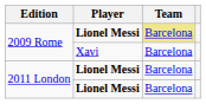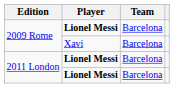 <table class="wikitable plainrowheaders sortable">
 <tr>
 <th scope="col">Edition</th>
 <th scope="col">Player</th>
 <th scope="col">Team</th>
 <th scope="col"></th>
 </tr>
 <tr>
 <td rowspan="2" scope="col"> <a href='#'>2009 Rome</a></td>
 <td> <strong>Lionel Messi</strong></td>
-<td style="background: khaki;"> <a href='#'>Barcelona</a></td>
+<td> <a href='#'>Barcelona</a></td>
 <td></td>
 </tr>
 <tr>
 <td> <a href='#'>Xavi</a></td>
 <td> <a href='#'>Barcelona</a></td>
 <td></td>
 </tr>
 <tr>
 <td rowspan="2" scope="col"> <a href='#'>2011 London</a></td>
 <td> <strong>Lionel Messi</strong></td>
 <td> <a href='#'>Barcelona</a></td>
 <td></td>
 </tr>
 <tr>
 <td> <strong>Lionel Messi</strong></td>
 <td> <a href='#'>Barcelona</a></td>
 <td></td>
 </tr>
 </table>
